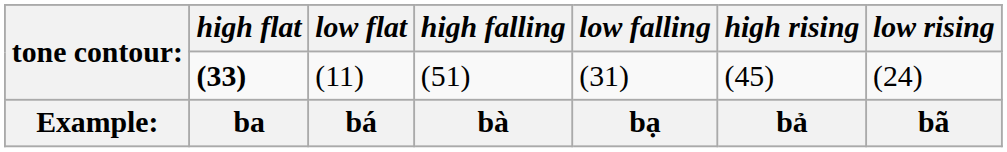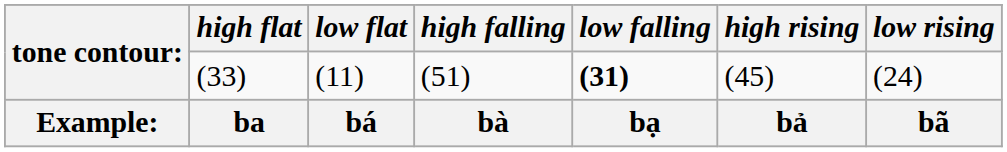 <table class="wikitable">
 <tr>
 <th rowspan=2>tone contour:</th>
 <th><em>high flat</em></th>
 <th><em>low flat</em></th>
 <th><em>high falling</em></th>
 <th><em>low falling</em></th>
 <th><em>high rising</em></th>
 <th><em>low rising</em></th>
 </tr>
 <tr>
-<td><strong> (33)</strong></td>
+<td> (33)</td>
 <td> (11)</td>
 <td> (51)</td>
-<td> (31)</td>
+<td><strong> (31)</strong></td>
 <td> (45)</td>
 <td> (24)</td>
 </tr>
 <tr>
 <th>Example:</th>
 <th>ba</th>
 <th>bá</th>
 <th>bà</th>
 <th>bạ</th>
 <th>bả</th>
 <th>bã</th>
 </tr>
 </table>
